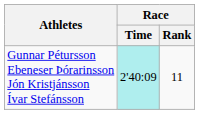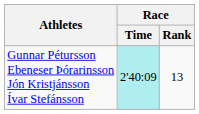 <table class="wikitable" border="1" style="font-size:90%">
 <tr>
 <th rowspan=2>Athletes</th>
 <th colspan=2>Race</th>
 </tr>
 <tr>
 <th>Time</th>
 <th>Rank</th>
 </tr>
 <tr>
 <td><a href='#'>Gunnar Pétursson</a><br><a href='#'>Ebeneser Þórarinsson</a><br><a href='#'>Jón Kristjánsson</a><br><a href='#'>Ívar Stefánsson</a></td>
 <td align=center style="background: paleturquoise;">2'40:09</td>
-<td align=center>11</td>
+<td align=center>13</td>
 </tr>
 </table>
